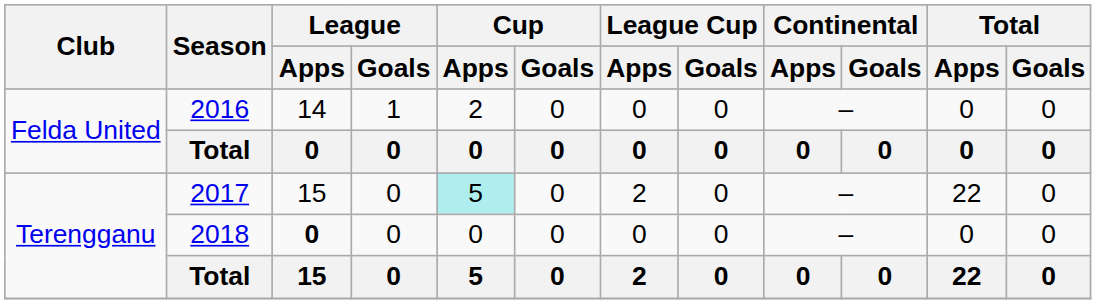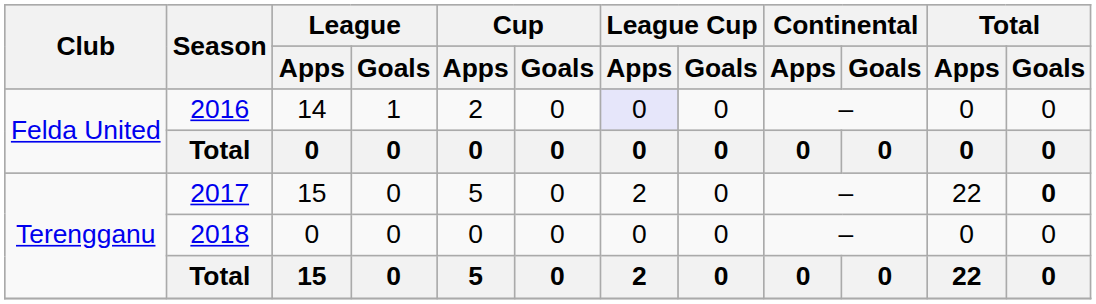 <table class="wikitable" style="text-align: center;">
 <tr>
 <th rowspan="2">Club</th>
 <th rowspan="2">Season</th>
 <th colspan="2">League</th>
 <th colspan="2">Cup</th>
 <th colspan="2">League Cup</th>
 <th colspan="2">Continental</th>
 <th colspan="2">Total</th>
 </tr>
 <tr>
 <th>Apps</th>
 <th>Goals</th>
 <th>Apps</th>
 <th>Goals</th>
 <th>Apps</th>
 <th>Goals</th>
 <th>Apps</th>
 <th>Goals</th>
 <th>Apps</th>
 <th>Goals</th>
 </tr>
 <tr>
 <td rowspan="2" valign="center"><a href='#'>Felda United</a></td>
 <td><a href='#'>2016</a></td>
 <td>14</td>
 <td>1</td>
 <td>2</td>
 <td>0</td>
-<td>0</td>
+<td style="background: lavender;">0</td>
 <td>0</td>
 <td colspan="2">–</td>
 <td>0</td>
 <td>0</td>
 </tr>
 <tr>
 <th>Total</th>
 <th>0</th>
 <th>0</th>
 <th>0</th>
 <th>0</th>
 <th>0</th>
 <th>0</th>
 <th>0</th>
 <th>0</th>
 <th>0</th>
 <th>0</th>
 </tr>
 <tr>
 <td rowspan="3" valign="center"><a href='#'>Terengganu</a></td>
 <td><a href='#'>2017</a></td>
 <td>15</td>
 <td>0</td>
-<td style="background: paleturquoise;">5</td>
+<td>5</td>
 <td>0</td>
 <td>2</td>
 <td>0</td>
 <td colspan="2">–</td>
 <td>22</td>
-<td>0</td>
+<td><strong>0</strong></td>
 </tr>
 <tr>
 <td><a href='#'>2018</a></td>
-<td><strong>0</strong></td>
+<td>0</td>
 <td>0</td>
 <td>0</td>
 <td>0</td>
 <td>0</td>
 <td>0</td>
 <td colspan="2">–</td>
 <td>0</td>
 <td>0</td>
 </tr>
 <tr>
 <th>Total</th>
 <th>15</th>
 <th>0</th>
 <th>5</th>
 <th>0</th>
 <th>2</th>
 <th>0</th>
 <th>0</th>
 <th>0</th>
 <th>22</th>
 <th>0</th>
 </tr>
 <tr>
 </tr>
 </table>
